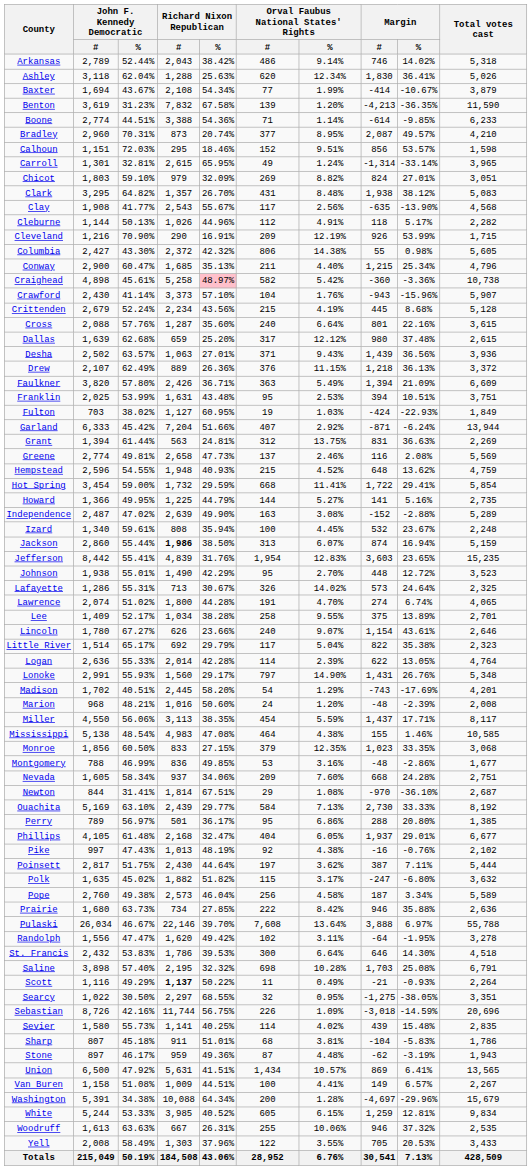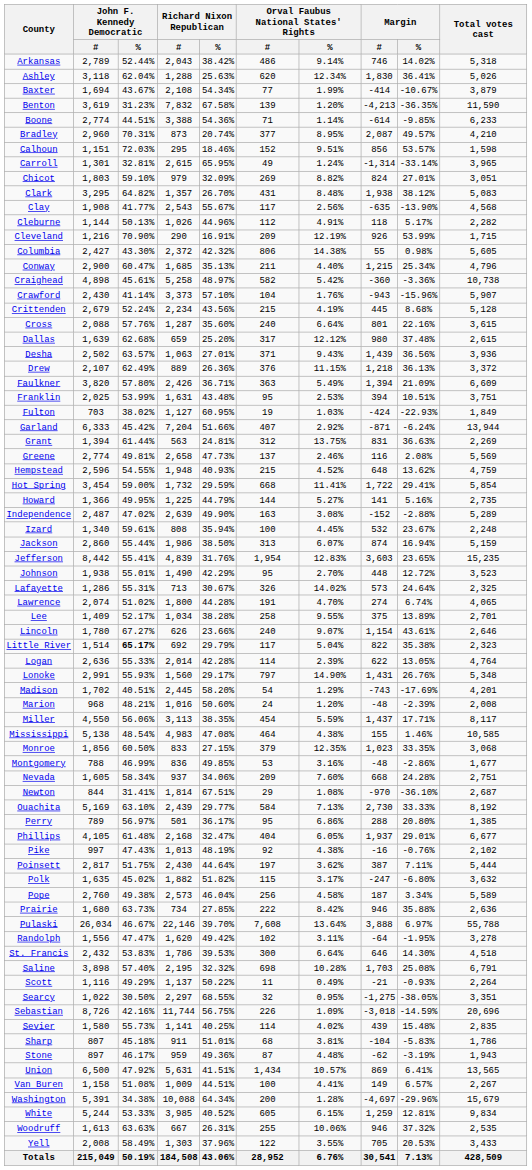 <table width="60%"  class="wikitable sortable" style="text-align:center">
 <tr>
 <th style="text-align:center;" rowspan="2">County</th>
 <th style="text-align:center;" colspan="2">John F. Kennedy<br>Democratic</th>
 <th style="text-align:center;" colspan="2">Richard Nixon<br>Republican</th>
 <th style="text-align:center;" colspan="2">Orval Faubus<br>National States' Rights</th>
 <th style="text-align:center;" colspan="2">Margin</th>
 <th style="text-align:center;" rowspan="2">Total votes cast</th>
 </tr>
 <tr>
 <th style="text-align:center;" data-sort-type="number">#</th>
 <th style="text-align:center;" data-sort-type="number">%</th>
 <th style="text-align:center;" data-sort-type="number">#</th>
 <th style="text-align:center;" data-sort-type="number">%</th>
 <th style="text-align:center;" data-sort-type="number">#</th>
 <th style="text-align:center;" data-sort-type="number">%</th>
 <th style="text-align:center;" data-sort-type="number">#</th>
 <th style="text-align:center;" data-sort-type="number">%</th>
 </tr>
 <tr style="text-align:center;">
 <td><a href='#'>Arkansas</a></td>
 <td>2,789</td>
 <td>52.44%</td>
 <td>2,043</td>
 <td>38.42%</td>
 <td>486</td>
 <td>9.14%</td>
 <td>746</td>
 <td>14.02%</td>
 <td>5,318</td>
 </tr>
 <tr style="text-align:center;">
 <td><a href='#'>Ashley</a></td>
 <td>3,118</td>
 <td>62.04%</td>
 <td>1,288</td>
 <td>25.63%</td>
 <td>620</td>
 <td>12.34%</td>
 <td>1,830</td>
 <td>36.41%</td>
 <td>5,026</td>
 </tr>
 <tr style="text-align:center;">
 <td><a href='#'>Baxter</a></td>
 <td>1,694</td>
 <td>43.67%</td>
 <td>2,108</td>
 <td>54.34%</td>
 <td>77</td>
 <td>1.99%</td>
 <td>-414</td>
 <td>-10.67%</td>
 <td>3,879</td>
 </tr>
 <tr style="text-align:center;">
 <td><a href='#'>Benton</a></td>
 <td>3,619</td>
 <td>31.23%</td>
 <td>7,832</td>
 <td>67.58%</td>
 <td>139</td>
 <td>1.20%</td>
 <td>-4,213</td>
 <td>-36.35%</td>
 <td>11,590</td>
 </tr>
 <tr style="text-align:center;">
 <td><a href='#'>Boone</a></td>
 <td>2,774</td>
 <td>44.51%</td>
 <td>3,388</td>
 <td>54.36%</td>
 <td>71</td>
 <td>1.14%</td>
 <td>-614</td>
 <td>-9.85%</td>
 <td>6,233</td>
 </tr>
 <tr style="text-align:center;">
 <td><a href='#'>Bradley</a></td>
 <td>2,960</td>
 <td>70.31%</td>
 <td>873</td>
 <td>20.74%</td>
 <td>377</td>
 <td>8.95%</td>
 <td>2,087</td>
 <td>49.57%</td>
 <td>4,210</td>
 </tr>
 <tr style="text-align:center;">
 <td><a href='#'>Calhoun</a></td>
 <td>1,151</td>
 <td>72.03%</td>
 <td>295</td>
 <td>18.46%</td>
 <td>152</td>
 <td>9.51%</td>
 <td>856</td>
 <td>53.57%</td>
 <td>1,598</td>
 </tr>
 <tr style="text-align:center;">
 <td><a href='#'>Carroll</a></td>
 <td>1,301</td>
 <td>32.81%</td>
 <td>2,615</td>
 <td>65.95%</td>
 <td>49</td>
 <td>1.24%</td>
 <td>-1,314</td>
 <td>-33.14%</td>
 <td>3,965</td>
 </tr>
 <tr style="text-align:center;">
 <td><a href='#'>Chicot</a></td>
 <td>1,803</td>
 <td>59.10%</td>
 <td>979</td>
 <td>32.09%</td>
 <td>269</td>
 <td>8.82%</td>
 <td>824</td>
 <td>27.01%</td>
 <td>3,051</td>
 </tr>
 <tr style="text-align:center;">
 <td><a href='#'>Clark</a></td>
 <td>3,295</td>
 <td>64.82%</td>
 <td>1,357</td>
 <td>26.70%</td>
 <td>431</td>
 <td>8.48%</td>
 <td>1,938</td>
 <td>38.12%</td>
 <td>5,083</td>
 </tr>
 <tr style="text-align:center;">
 <td><a href='#'>Clay</a></td>
 <td>1,908</td>
 <td>41.77%</td>
 <td>2,543</td>
 <td>55.67%</td>
 <td>117</td>
 <td>2.56%</td>
 <td>-635</td>
 <td>-13.90%</td>
 <td>4,568</td>
 </tr>
 <tr style="text-align:center;">
 <td><a href='#'>Cleburne</a></td>
 <td>1,144</td>
 <td>50.13%</td>
 <td>1,026</td>
 <td>44.96%</td>
 <td>112</td>
 <td>4.91%</td>
 <td>118</td>
 <td>5.17%</td>
 <td>2,282</td>
 </tr>
 <tr style="text-align:center;">
 <td><a href='#'>Cleveland</a></td>
 <td>1,216</td>
 <td>70.90%</td>
 <td>290</td>
 <td>16.91%</td>
 <td>209</td>
 <td>12.19%</td>
 <td>926</td>
 <td>53.99%</td>
 <td>1,715</td>
 </tr>
 <tr style="text-align:center;">
 <td><a href='#'>Columbia</a></td>
 <td>2,427</td>
 <td>43.30%</td>
 <td>2,372</td>
 <td>42.32%</td>
 <td>806</td>
 <td>14.38%</td>
 <td>55</td>
 <td>0.98%</td>
 <td>5,605</td>
 </tr>
 <tr style="text-align:center;">
 <td><a href='#'>Conway</a></td>
 <td>2,900</td>
 <td>60.47%</td>
 <td>1,685</td>
 <td>35.13%</td>
 <td>211</td>
 <td>4.40%</td>
 <td>1,215</td>
 <td>25.34%</td>
 <td>4,796</td>
 </tr>
 <tr style="text-align:center;">
 <td><a href='#'>Craighead</a></td>
 <td>4,898</td>
 <td>45.61%</td>
 <td>5,258</td>
-<td style="background: pink;">48.97%</td>
+<td>48.97%</td>
 <td>582</td>
 <td>5.42%</td>
 <td>-360</td>
 <td>-3.36%</td>
 <td>10,738</td>
 </tr>
 <tr style="text-align:center;">
 <td><a href='#'>Crawford</a></td>
 <td>2,430</td>
 <td>41.14%</td>
 <td>3,373</td>
 <td>57.10%</td>
 <td>104</td>
 <td>1.76%</td>
 <td>-943</td>
 <td>-15.96%</td>
 <td>5,907</td>
 </tr>
 <tr style="text-align:center;">
 <td><a href='#'>Crittenden</a></td>
 <td>2,679</td>
 <td>52.24%</td>
 <td>2,234</td>
 <td>43.56%</td>
 <td>215</td>
 <td>4.19%</td>
 <td>445</td>
 <td>8.68%</td>
 <td>5,128</td>
 </tr>
 <tr style="text-align:center;">
 <td><a href='#'>Cross</a></td>
 <td>2,088</td>
 <td>57.76%</td>
 <td>1,287</td>
 <td>35.60%</td>
 <td>240</td>
 <td>6.64%</td>
 <td>801</td>
 <td>22.16%</td>
 <td>3,615</td>
 </tr>
 <tr style="text-align:center;">
 <td><a href='#'>Dallas</a></td>
 <td>1,639</td>
 <td>62.68%</td>
 <td>659</td>
 <td>25.20%</td>
 <td>317</td>
 <td>12.12%</td>
 <td>980</td>
 <td>37.48%</td>
 <td>2,615</td>
 </tr>
 <tr style="text-align:center;">
 <td><a href='#'>Desha</a></td>
 <td>2,502</td>
 <td>63.57%</td>
 <td>1,063</td>
 <td>27.01%</td>
 <td>371</td>
 <td>9.43%</td>
 <td>1,439</td>
 <td>36.56%</td>
 <td>3,936</td>
 </tr>
 <tr style="text-align:center;">
 <td><a href='#'>Drew</a></td>
 <td>2,107</td>
 <td>62.49%</td>
 <td>889</td>
 <td>26.36%</td>
 <td>376</td>
 <td>11.15%</td>
 <td>1,218</td>
 <td>36.13%</td>
 <td>3,372</td>
 </tr>
 <tr style="text-align:center;">
 <td><a href='#'>Faulkner</a></td>
 <td>3,820</td>
 <td>57.80%</td>
 <td>2,426</td>
 <td>36.71%</td>
 <td>363</td>
 <td>5.49%</td>
 <td>1,394</td>
 <td>21.09%</td>
 <td>6,609</td>
 </tr>
 <tr style="text-align:center;">
 <td><a href='#'>Franklin</a></td>
 <td>2,025</td>
 <td>53.99%</td>
 <td>1,631</td>
 <td>43.48%</td>
 <td>95</td>
 <td>2.53%</td>
 <td>394</td>
 <td>10.51%</td>
 <td>3,751</td>
 </tr>
 <tr style="text-align:center;">
 <td><a href='#'>Fulton</a></td>
 <td>703</td>
 <td>38.02%</td>
 <td>1,127</td>
 <td>60.95%</td>
 <td>19</td>
 <td>1.03%</td>
 <td>-424</td>
 <td>-22.93%</td>
 <td>1,849</td>
 </tr>
 <tr style="text-align:center;">
 <td><a href='#'>Garland</a></td>
 <td>6,333</td>
 <td>45.42%</td>
 <td>7,204</td>
 <td>51.66%</td>
 <td>407</td>
 <td>2.92%</td>
 <td>-871</td>
 <td>-6.24%</td>
 <td>13,944</td>
 </tr>
 <tr style="text-align:center;">
 <td><a href='#'>Grant</a></td>
 <td>1,394</td>
 <td>61.44%</td>
 <td>563</td>
 <td>24.81%</td>
 <td>312</td>
 <td>13.75%</td>
 <td>831</td>
 <td>36.63%</td>
 <td>2,269</td>
 </tr>
 <tr style="text-align:center;">
 <td><a href='#'>Greene</a></td>
 <td>2,774</td>
 <td>49.81%</td>
 <td>2,658</td>
 <td>47.73%</td>
 <td>137</td>
 <td>2.46%</td>
 <td>116</td>
 <td>2.08%</td>
 <td>5,569</td>
 </tr>
 <tr style="text-align:center;">
 <td><a href='#'>Hempstead</a></td>
 <td>2,596</td>
 <td>54.55%</td>
 <td>1,948</td>
 <td>40.93%</td>
 <td>215</td>
 <td>4.52%</td>
 <td>648</td>
 <td>13.62%</td>
 <td>4,759</td>
 </tr>
 <tr style="text-align:center;">
 <td><a href='#'>Hot Spring</a></td>
 <td>3,454</td>
 <td>59.00%</td>
 <td>1,732</td>
 <td>29.59%</td>
 <td>668</td>
 <td>11.41%</td>
 <td>1,722</td>
 <td>29.41%</td>
 <td>5,854</td>
 </tr>
 <tr style="text-align:center;">
 <td><a href='#'>Howard</a></td>
 <td>1,366</td>
 <td>49.95%</td>
 <td>1,225</td>
 <td>44.79%</td>
 <td>144</td>
 <td>5.27%</td>
 <td>141</td>
 <td>5.16%</td>
 <td>2,735</td>
 </tr>
 <tr style="text-align:center;">
 <td><a href='#'>Independence</a></td>
 <td>2,487</td>
 <td>47.02%</td>
 <td>2,639</td>
 <td>49.90%</td>
 <td>163</td>
 <td>3.08%</td>
 <td>-152</td>
 <td>-2.88%</td>
 <td>5,289</td>
 </tr>
 <tr style="text-align:center;">
 <td><a href='#'>Izard</a></td>
 <td>1,340</td>
 <td>59.61%</td>
 <td>808</td>
 <td>35.94%</td>
 <td>100</td>
 <td>4.45%</td>
 <td>532</td>
 <td>23.67%</td>
 <td>2,248</td>
 </tr>
 <tr style="text-align:center;">
 <td><a href='#'>Jackson</a></td>
 <td>2,860</td>
 <td>55.44%</td>
-<td><strong>1,986</strong></td>
+<td>1,986</td>
 <td>38.50%</td>
 <td>313</td>
 <td>6.07%</td>
 <td>874</td>
 <td>16.94%</td>
 <td>5,159</td>
 </tr>
 <tr style="text-align:center;">
 <td><a href='#'>Jefferson</a></td>
 <td>8,442</td>
 <td>55.41%</td>
 <td>4,839</td>
 <td>31.76%</td>
 <td>1,954</td>
 <td>12.83%</td>
 <td>3,603</td>
 <td>23.65%</td>
 <td>15,235</td>
 </tr>
 <tr style="text-align:center;">
 <td><a href='#'>Johnson</a></td>
 <td>1,938</td>
 <td>55.01%</td>
 <td>1,490</td>
 <td>42.29%</td>
 <td>95</td>
 <td>2.70%</td>
 <td>448</td>
 <td>12.72%</td>
 <td>3,523</td>
 </tr>
 <tr style="text-align:center;">
 <td><a href='#'>Lafayette</a></td>
 <td>1,286</td>
 <td>55.31%</td>
 <td>713</td>
 <td>30.67%</td>
 <td>326</td>
 <td>14.02%</td>
 <td>573</td>
 <td>24.64%</td>
 <td>2,325</td>
 </tr>
 <tr style="text-align:center;">
 <td><a href='#'>Lawrence</a></td>
 <td>2,074</td>
 <td>51.02%</td>
 <td>1,800</td>
 <td>44.28%</td>
 <td>191</td>
 <td>4.70%</td>
 <td>274</td>
 <td>6.74%</td>
 <td>4,065</td>
 </tr>
 <tr style="text-align:center;">
 <td><a href='#'>Lee</a></td>
 <td>1,409</td>
 <td>52.17%</td>
 <td>1,034</td>
 <td>38.28%</td>
 <td>258</td>
 <td>9.55%</td>
 <td>375</td>
 <td>13.89%</td>
 <td>2,701</td>
 </tr>
 <tr style="text-align:center;">
 <td><a href='#'>Lincoln</a></td>
 <td>1,780</td>
 <td>67.27%</td>
 <td>626</td>
 <td>23.66%</td>
 <td>240</td>
 <td>9.07%</td>
 <td>1,154</td>
 <td>43.61%</td>
 <td>2,646</td>
 </tr>
 <tr style="text-align:center;">
 <td><a href='#'>Little River</a></td>
 <td>1,514</td>
-<td>65.17%</td>
+<td><strong>65.17%</strong></td>
 <td>692</td>
 <td>29.79%</td>
 <td>117</td>
 <td>5.04%</td>
 <td>822</td>
 <td>35.38%</td>
 <td>2,323</td>
 </tr>
 <tr style="text-align:center;">
 <td><a href='#'>Logan</a></td>
 <td>2,636</td>
 <td>55.33%</td>
 <td>2,014</td>
 <td>42.28%</td>
 <td>114</td>
 <td>2.39%</td>
 <td>622</td>
 <td>13.05%</td>
 <td>4,764</td>
 </tr>
 <tr style="text-align:center;">
 <td><a href='#'>Lonoke</a></td>
 <td>2,991</td>
 <td>55.93%</td>
 <td>1,560</td>
 <td>29.17%</td>
 <td>797</td>
 <td>14.90%</td>
 <td>1,431</td>
 <td>26.76%</td>
 <td>5,348</td>
 </tr>
 <tr style="text-align:center;">
 <td><a href='#'>Madison</a></td>
 <td>1,702</td>
 <td>40.51%</td>
 <td>2,445</td>
 <td>58.20%</td>
 <td>54</td>
 <td>1.29%</td>
 <td>-743</td>
 <td>-17.69%</td>
 <td>4,201</td>
 </tr>
 <tr style="text-align:center;">
 <td><a href='#'>Marion</a></td>
 <td>968</td>
 <td>48.21%</td>
 <td>1,016</td>
 <td>50.60%</td>
 <td>24</td>
 <td>1.20%</td>
 <td>-48</td>
 <td>-2.39%</td>
 <td>2,008</td>
 </tr>
 <tr style="text-align:center;">
 <td><a href='#'>Miller</a></td>
 <td>4,550</td>
 <td>56.06%</td>
 <td>3,113</td>
 <td>38.35%</td>
 <td>454</td>
 <td>5.59%</td>
 <td>1,437</td>
 <td>17.71%</td>
 <td>8,117</td>
 </tr>
 <tr style="text-align:center;">
 <td><a href='#'>Mississippi</a></td>
 <td>5,138</td>
 <td>48.54%</td>
 <td>4,983</td>
 <td>47.08%</td>
 <td>464</td>
 <td>4.38%</td>
 <td>155</td>
 <td>1.46%</td>
 <td>10,585</td>
 </tr>
 <tr style="text-align:center;">
 <td><a href='#'>Monroe</a></td>
 <td>1,856</td>
 <td>60.50%</td>
 <td>833</td>
 <td>27.15%</td>
 <td>379</td>
 <td>12.35%</td>
 <td>1,023</td>
 <td>33.35%</td>
 <td>3,068</td>
 </tr>
 <tr style="text-align:center;">
 <td><a href='#'>Montgomery</a></td>
 <td>788</td>
 <td>46.99%</td>
 <td>836</td>
 <td>49.85%</td>
 <td>53</td>
 <td>3.16%</td>
 <td>-48</td>
 <td>-2.86%</td>
 <td>1,677</td>
 </tr>
 <tr style="text-align:center;">
 <td><a href='#'>Nevada</a></td>
 <td>1,605</td>
 <td>58.34%</td>
 <td>937</td>
 <td>34.06%</td>
 <td>209</td>
 <td>7.60%</td>
 <td>668</td>
 <td>24.28%</td>
 <td>2,751</td>
 </tr>
 <tr style="text-align:center;">
 <td><a href='#'>Newton</a></td>
 <td>844</td>
 <td>31.41%</td>
 <td>1,814</td>
 <td>67.51%</td>
 <td>29</td>
 <td>1.08%</td>
 <td>-970</td>
 <td>-36.10%</td>
 <td>2,687</td>
 </tr>
 <tr style="text-align:center;">
 <td><a href='#'>Ouachita</a></td>
 <td>5,169</td>
 <td>63.10%</td>
 <td>2,439</td>
 <td>29.77%</td>
 <td>584</td>
 <td>7.13%</td>
 <td>2,730</td>
 <td>33.33%</td>
 <td>8,192</td>
 </tr>
 <tr style="text-align:center;">
 <td><a href='#'>Perry</a></td>
 <td>789</td>
 <td>56.97%</td>
 <td>501</td>
 <td>36.17%</td>
 <td>95</td>
 <td>6.86%</td>
 <td>288</td>
 <td>20.80%</td>
 <td>1,385</td>
 </tr>
 <tr style="text-align:center;">
 <td><a href='#'>Phillips</a></td>
 <td>4,105</td>
 <td>61.48%</td>
 <td>2,168</td>
 <td>32.47%</td>
 <td>404</td>
 <td>6.05%</td>
 <td>1,937</td>
 <td>29.01%</td>
 <td>6,677</td>
 </tr>
 <tr style="text-align:center;">
 <td><a href='#'>Pike</a></td>
 <td>997</td>
 <td>47.43%</td>
 <td>1,013</td>
 <td>48.19%</td>
 <td>92</td>
 <td>4.38%</td>
 <td>-16</td>
 <td>-0.76%</td>
 <td>2,102</td>
 </tr>
 <tr style="text-align:center;">
 <td><a href='#'>Poinsett</a></td>
 <td>2,817</td>
 <td>51.75%</td>
 <td>2,430</td>
 <td>44.64%</td>
 <td>197</td>
 <td>3.62%</td>
 <td>387</td>
 <td>7.11%</td>
 <td>5,444</td>
 </tr>
 <tr style="text-align:center;">
 <td><a href='#'>Polk</a></td>
 <td>1,635</td>
 <td>45.02%</td>
 <td>1,882</td>
 <td>51.82%</td>
 <td>115</td>
 <td>3.17%</td>
 <td>-247</td>
 <td>-6.80%</td>
 <td>3,632</td>
 </tr>
 <tr style="text-align:center;">
 <td><a href='#'>Pope</a></td>
 <td>2,760</td>
 <td>49.38%</td>
 <td>2,573</td>
 <td>46.04%</td>
 <td>256</td>
 <td>4.58%</td>
 <td>187</td>
 <td>3.34%</td>
 <td>5,589</td>
 </tr>
 <tr style="text-align:center;">
 <td><a href='#'>Prairie</a></td>
 <td>1,680</td>
 <td>63.73%</td>
 <td>734</td>
 <td>27.85%</td>
 <td>222</td>
 <td>8.42%</td>
 <td>946</td>
 <td>35.88%</td>
 <td>2,636</td>
 </tr>
 <tr style="text-align:center;">
 <td><a href='#'>Pulaski</a></td>
 <td>26,034</td>
 <td>46.67%</td>
 <td>22,146</td>
 <td>39.70%</td>
 <td>7,608</td>
 <td>13.64%</td>
 <td>3,888</td>
 <td>6.97%</td>
 <td>55,788</td>
 </tr>
 <tr style="text-align:center;">
 <td><a href='#'>Randolph</a></td>
 <td>1,556</td>
 <td>47.47%</td>
 <td>1,620</td>
 <td>49.42%</td>
 <td>102</td>
 <td>3.11%</td>
 <td>-64</td>
 <td>-1.95%</td>
 <td>3,278</td>
 </tr>
 <tr style="text-align:center;">
 <td><a href='#'>St. Francis</a></td>
 <td>2,432</td>
 <td>53.83%</td>
 <td>1,786</td>
 <td>39.53%</td>
 <td>300</td>
 <td>6.64%</td>
 <td>646</td>
 <td>14.30%</td>
 <td>4,518</td>
 </tr>
 <tr style="text-align:center;">
 <td><a href='#'>Saline</a></td>
 <td>3,898</td>
 <td>57.40%</td>
 <td>2,195</td>
 <td>32.32%</td>
 <td>698</td>
 <td>10.28%</td>
 <td>1,703</td>
 <td>25.08%</td>
 <td>6,791</td>
 </tr>
 <tr style="text-align:center;">
 <td><a href='#'>Scott</a></td>
 <td>1,116</td>
 <td>49.29%</td>
-<td><strong>1,137</strong></td>
+<td>1,137</td>
 <td>50.22%</td>
 <td>11</td>
 <td>0.49%</td>
 <td>-21</td>
 <td>-0.93%</td>
 <td>2,264</td>
 </tr>
 <tr style="text-align:center;">
 <td><a href='#'>Searcy</a></td>
 <td>1,022</td>
 <td>30.50%</td>
 <td>2,297</td>
 <td>68.55%</td>
 <td>32</td>
 <td>0.95%</td>
 <td>-1,275</td>
 <td>-38.05%</td>
 <td>3,351</td>
 </tr>
 <tr style="text-align:center;">
 <td><a href='#'>Sebastian</a></td>
 <td>8,726</td>
 <td>42.16%</td>
 <td>11,744</td>
 <td>56.75%</td>
 <td>226</td>
 <td>1.09%</td>
 <td>-3,018</td>
 <td>-14.59%</td>
 <td>20,696</td>
 </tr>
 <tr style="text-align:center;">
 <td><a href='#'>Sevier</a></td>
 <td>1,580</td>
 <td>55.73%</td>
 <td>1,141</td>
 <td>40.25%</td>
 <td>114</td>
 <td>4.02%</td>
 <td>439</td>
 <td>15.48%</td>
 <td>2,835</td>
 </tr>
 <tr style="text-align:center;">
 <td><a href='#'>Sharp</a></td>
 <td>807</td>
 <td>45.18%</td>
 <td>911</td>
 <td>51.01%</td>
 <td>68</td>
 <td>3.81%</td>
 <td>-104</td>
 <td>-5.83%</td>
 <td>1,786</td>
 </tr>
 <tr style="text-align:center;">
 <td><a href='#'>Stone</a></td>
 <td>897</td>
 <td>46.17%</td>
 <td>959</td>
 <td>49.36%</td>
 <td>87</td>
 <td>4.48%</td>
 <td>-62</td>
 <td>-3.19%</td>
 <td>1,943</td>
 </tr>
 <tr style="text-align:center;">
 <td><a href='#'>Union</a></td>
 <td>6,500</td>
 <td>47.92%</td>
 <td>5,631</td>
 <td>41.51%</td>
 <td>1,434</td>
 <td>10.57%</td>
 <td>869</td>
 <td>6.41%</td>
 <td>13,565</td>
 </tr>
 <tr style="text-align:center;">
 <td><a href='#'>Van Buren</a></td>
 <td>1,158</td>
 <td>51.08%</td>
 <td>1,009</td>
 <td>44.51%</td>
 <td>100</td>
 <td>4.41%</td>
 <td>149</td>
 <td>6.57%</td>
 <td>2,267</td>
 </tr>
 <tr style="text-align:center;">
 <td><a href='#'>Washington</a></td>
 <td>5,391</td>
 <td>34.38%</td>
 <td>10,088</td>
 <td>64.34%</td>
 <td>200</td>
 <td>1.28%</td>
 <td>-4,697</td>
 <td>-29.96%</td>
 <td>15,679</td>
 </tr>
 <tr style="text-align:center;">
 <td><a href='#'>White</a></td>
 <td>5,244</td>
 <td>53.33%</td>
 <td>3,985</td>
 <td>40.52%</td>
 <td>605</td>
 <td>6.15%</td>
 <td>1,259</td>
 <td>12.81%</td>
 <td>9,834</td>
 </tr>
 <tr style="text-align:center;">
 <td><a href='#'>Woodruff</a></td>
 <td>1,613</td>
 <td>63.63%</td>
 <td>667</td>
 <td>26.31%</td>
 <td>255</td>
 <td>10.06%</td>
 <td>946</td>
 <td>37.32%</td>
 <td>2,535</td>
 </tr>
 <tr style="text-align:center;">
 <td><a href='#'>Yell</a></td>
 <td>2,008</td>
 <td>58.49%</td>
 <td>1,303</td>
 <td>37.96%</td>
 <td>122</td>
 <td>3.55%</td>
 <td>705</td>
 <td>20.53%</td>
 <td>3,433</td>
 </tr>
 <tr style="text-align:center;">
 <th>Totals</th>
 <th>215,049</th>
 <th>50.19%</th>
 <th>184,508</th>
 <th>43.06%</th>
 <th>28,952</th>
 <th>6.76%</th>
 <th>30,541</th>
 <th>7.13%</th>
 <th>428,509</th>
 </tr>
 </table>
